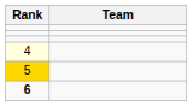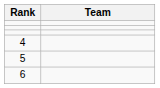 <table class="wikitable" style="text-align: center">
 <tr>
 <th width=50>Rank</th>
 <th width=170>Team</th>
 </tr>
 <tr>
 <td></td>
 <td align=left></td>
 </tr>
 <tr>
 <td></td>
 <td align=left></td>
 </tr>
 <tr>
 <td></td>
 <td align=left></td>
 </tr>
 <tr>
-<td style="background: lightyellow;">4</td>
+<td>4</td>
 <td align=left></td>
 </tr>
 <tr>
-<td style="background: gold;">5</td>
+<td>5</td>
 <td align=left></td>
 </tr>
 <tr>
-<td><strong>6</strong></td>
+<td>6</td>
 <td align=left></td>
 </tr>
 </table>
